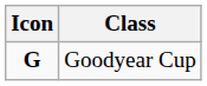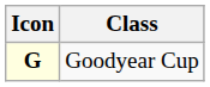 <table class="wikitable" style="font-size: 85%">
 <tr>
 <th>Icon</th>
 <th>Class</th>
 </tr>
 <tr>
-<td align=center><strong><span>G</span></strong></td>
+<td align=center style="background: lightyellow;"><strong><span>G</span></strong></td>
 <td>Goodyear Cup</td>
 </tr>
 </table>
